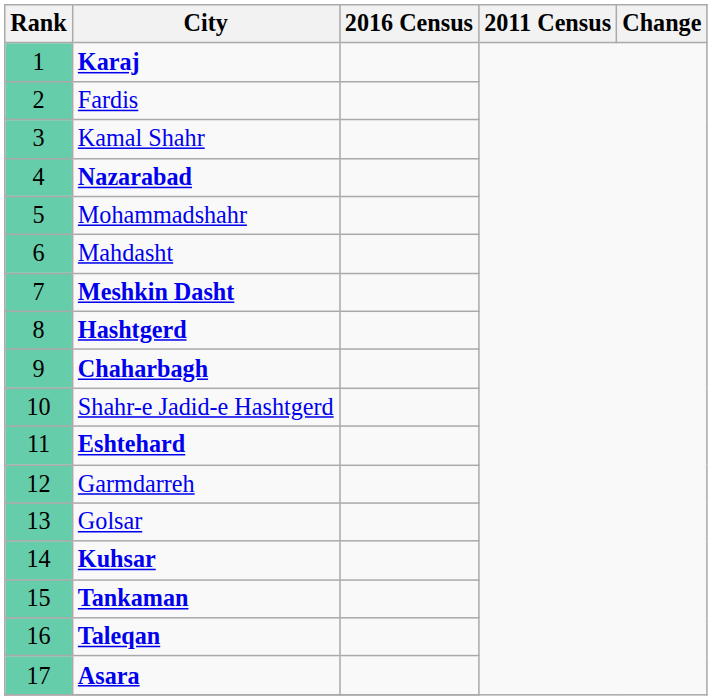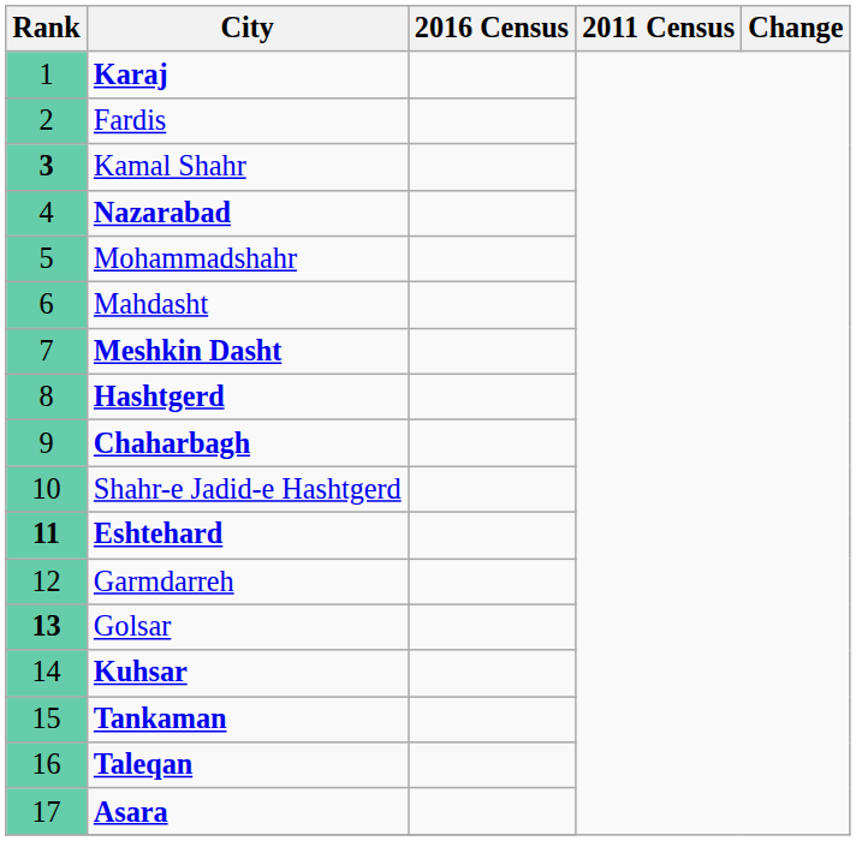 <table class="wikitable sortable">
 <tr>
 <th>Rank</th>
 <th>City</th>
 <th>2016 Census</th>
 <th>2011 Census</th>
 <th>Change</th>
 </tr>
 <tr>
 <td align=center bgcolor="66CDAA">1</td>
 <td><strong><a href='#'>Karaj</a></strong></td>
 <td></td>
 </tr>
 <tr>
 <td align=center bgcolor="66CDAA">2</td>
 <td><a href='#'>Fardis</a></td>
 <td></td>
 </tr>
 <tr>
-<td align=center bgcolor="66CDAA">3</td>
+<td align=center bgcolor="66CDAA"><strong>3</strong></td>
 <td><a href='#'>Kamal Shahr</a></td>
 <td></td>
 </tr>
 <tr>
 <td align=center bgcolor="66CDAA">4</td>
 <td><strong><a href='#'>Nazarabad</a></strong></td>
 <td></td>
 </tr>
 <tr>
 <td align=center bgcolor="66CDAA">5</td>
 <td><a href='#'>Mohammadshahr</a></td>
 <td></td>
 </tr>
 <tr>
 <td align="center" bgcolor="66CDAA">6</td>
 <td><a href='#'>Mahdasht</a></td>
 <td></td>
 </tr>
 <tr>
 <td align="center" bgcolor="66CDAA">7</td>
 <td><strong><a href='#'>Meshkin Dasht</a></strong></td>
 <td></td>
 </tr>
 <tr>
 <td align=center bgcolor="66CDAA">8</td>
 <td><strong><a href='#'>Hashtgerd</a></strong></td>
 <td></td>
 </tr>
 <tr>
 <td align=center bgcolor="66CDAA">9</td>
 <td><strong><a href='#'>Chaharbagh</a></strong></td>
 <td></td>
 </tr>
 <tr>
 <td align=center bgcolor="66CDAA">10</td>
 <td><a href='#'>Shahr-e Jadid-e Hashtgerd</a></td>
 <td></td>
 </tr>
 <tr>
-<td align=center bgcolor="66CDAA">11</td>
+<td align=center bgcolor="66CDAA"><strong>11</strong></td>
 <td><strong><a href='#'>Eshtehard</a></strong></td>
 <td></td>
 </tr>
 <tr>
 <td align=center bgcolor="66CDAA">12</td>
 <td><a href='#'>Garmdarreh</a></td>
 <td></td>
 </tr>
 <tr>
-<td align=center bgcolor="66CDAA">13</td>
+<td align=center bgcolor="66CDAA"><strong>13</strong></td>
 <td><a href='#'>Golsar</a></td>
 <td></td>
 </tr>
 <tr>
 <td align=center bgcolor="66CDAA">14</td>
 <td><strong><a href='#'>Kuhsar</a></strong></td>
 <td></td>
 </tr>
 <tr>
 <td align="center" bgcolor="66CDAA">15</td>
 <td><strong><a href='#'>Tankaman</a></strong></td>
 <td></td>
 </tr>
 <tr>
 <td align=center bgcolor="66CDAA">16</td>
 <td><strong><a href='#'>Taleqan</a></strong></td>
 <td></td>
 </tr>
 <tr>
 <td align=center bgcolor="66CDAA">17</td>
 <td><strong><a href='#'>Asara</a></strong></td>
 <td></td>
 </tr>
 <tr>
 </tr>
 </table>
